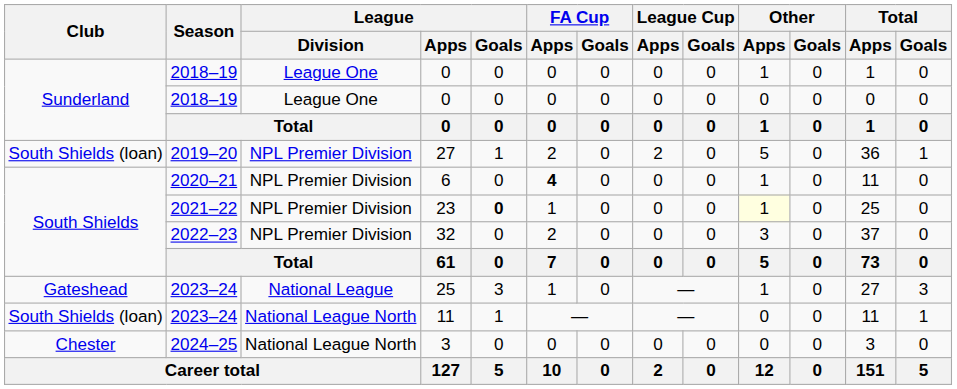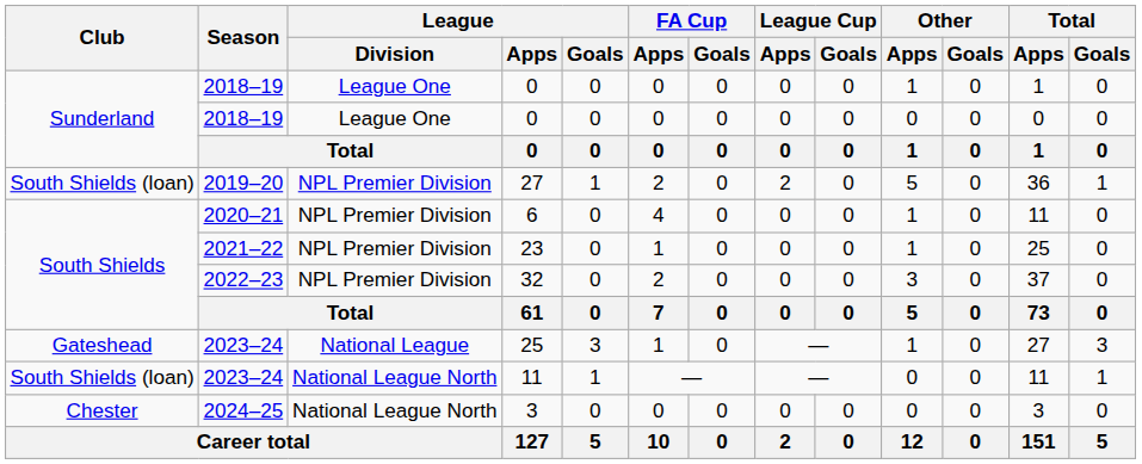 <table class="wikitable" style="text-align: center;">
 <tr>
 <th rowspan="2">Club</th>
 <th rowspan="2">Season</th>
 <th colspan="3">League</th>
 <th colspan="2"><a href='#'>FA Cup</a></th>
 <th colspan="2">League Cup</th>
 <th colspan="2">Other</th>
 <th colspan="2">Total</th>
 </tr>
 <tr>
 <th>Division</th>
 <th>Apps</th>
 <th>Goals</th>
 <th>Apps</th>
 <th>Goals</th>
 <th>Apps</th>
 <th>Goals</th>
 <th>Apps</th>
 <th>Goals</th>
 <th>Apps</th>
 <th>Goals</th>
 </tr>
 <tr>
 <td rowspan="3" valign="center"><a href='#'>Sunderland</a></td>
 <td><a href='#'>2018–19</a></td>
 <td><a href='#'>League One</a></td>
 <td>0</td>
 <td>0</td>
 <td>0</td>
 <td>0</td>
 <td>0</td>
 <td>0</td>
 <td>1</td>
 <td>0</td>
 <td>1</td>
 <td>0</td>
 </tr>
 <tr>
 <td><a href='#'>2018–19</a></td>
 <td>League One</td>
 <td>0</td>
 <td>0</td>
 <td>0</td>
 <td>0</td>
 <td>0</td>
 <td>0</td>
 <td>0</td>
 <td>0</td>
 <td>0</td>
 <td>0</td>
 </tr>
 <tr>
 <th colspan="2">Total</th>
 <th>0</th>
 <th>0</th>
 <th>0</th>
 <th>0</th>
 <th>0</th>
 <th>0</th>
 <th>1</th>
 <th>0</th>
 <th>1</th>
 <th>0</th>
 </tr>
 <tr>
 <td rowspan="1" valign="center"><a href='#'>South Shields</a> (loan)</td>
 <td><a href='#'>2019–20</a></td>
 <td><a href='#'>NPL Premier Division</a></td>
 <td>27</td>
 <td>1</td>
 <td>2</td>
 <td>0</td>
 <td>2</td>
 <td>0</td>
 <td>5</td>
 <td>0</td>
 <td>36</td>
 <td>1</td>
 </tr>
 <tr>
 <td rowspan="4" valign="center"><a href='#'>South Shields</a></td>
 <td><a href='#'>2020–21</a></td>
 <td>NPL Premier Division</td>
 <td>6</td>
 <td>0</td>
-<td><strong>4</strong></td>
+<td>4</td>
 <td>0</td>
 <td>0</td>
 <td>0</td>
 <td>1</td>
 <td>0</td>
 <td>11</td>
 <td>0</td>
 </tr>
 <tr>
 <td><a href='#'>2021–22</a></td>
 <td>NPL Premier Division</td>
 <td>23</td>
-<td><strong>0</strong></td>
+<td>0</td>
 <td>1</td>
 <td>0</td>
 <td>0</td>
 <td>0</td>
-<td style="background: lightyellow;">1</td>
+<td>1</td>
 <td>0</td>
 <td>25</td>
 <td>0</td>
 </tr>
 <tr>
 <td><a href='#'>2022–23</a></td>
 <td>NPL Premier Division</td>
 <td>32</td>
 <td>0</td>
 <td>2</td>
 <td>0</td>
 <td>0</td>
 <td>0</td>
 <td>3</td>
 <td>0</td>
 <td>37</td>
 <td>0</td>
 </tr>
 <tr>
 <th colspan="2">Total</th>
 <th>61</th>
 <th>0</th>
 <th>7</th>
 <th>0</th>
 <th>0</th>
 <th>0</th>
 <th>5</th>
 <th>0</th>
 <th>73</th>
 <th>0</th>
 </tr>
 <tr>
 <td rowspan="1" valign="center"><a href='#'>Gateshead</a></td>
 <td><a href='#'>2023–24</a></td>
 <td><a href='#'>National League</a></td>
 <td>25</td>
 <td>3</td>
 <td>1</td>
 <td>0</td>
 <td colspan="2">—</td>
 <td>1</td>
 <td>0</td>
 <td>27</td>
 <td>3</td>
 </tr>
 <tr>
 <td rowspan="1" valign="center"><a href='#'>South Shields</a> (loan)</td>
 <td><a href='#'>2023–24</a></td>
 <td><a href='#'>National League North</a></td>
 <td>11</td>
 <td>1</td>
 <td colspan="2">—</td>
 <td colspan="2">—</td>
 <td>0</td>
 <td>0</td>
 <td>11</td>
 <td>1</td>
 </tr>
 <tr>
 <td rowspan="1" valign="center"><a href='#'>Chester</a></td>
 <td><a href='#'>2024–25</a></td>
 <td>National League North</td>
 <td>3</td>
 <td>0</td>
 <td>0</td>
 <td>0</td>
 <td>0</td>
 <td>0</td>
 <td>0</td>
 <td>0</td>
 <td>3</td>
 <td>0</td>
 </tr>
 <tr>
 <th colspan="3">Career total</th>
 <th>127</th>
 <th>5</th>
 <th>10</th>
 <th>0</th>
 <th>2</th>
 <th>0</th>
 <th>12</th>
 <th>0</th>
 <th>151</th>
 <th>5</th>
 </tr>
 </table>
